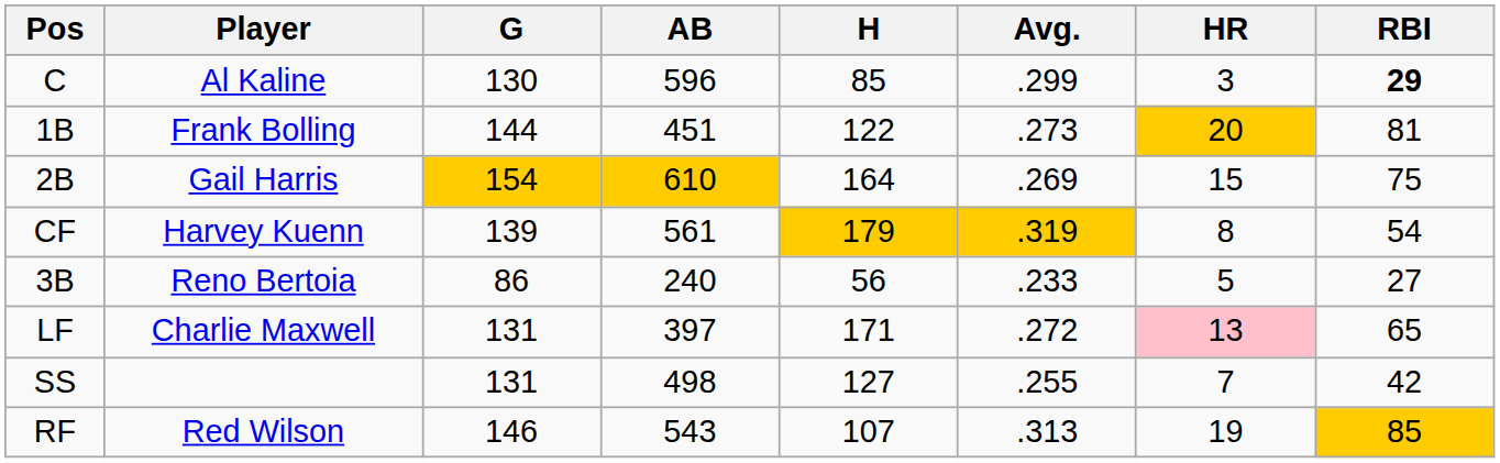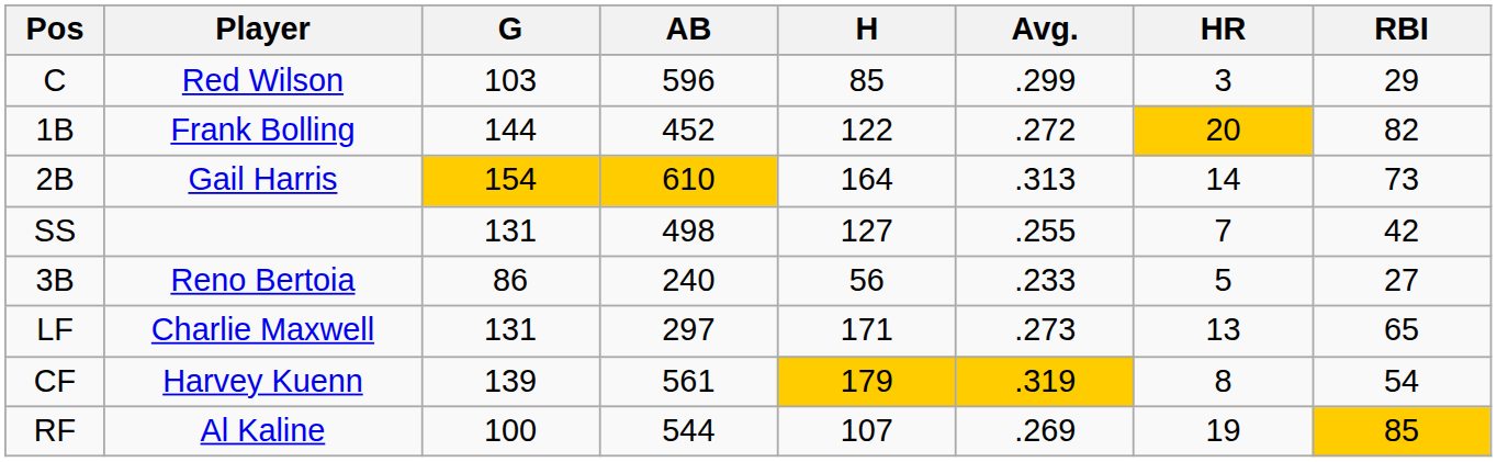 <table class="wikitable sortable">
 <tr>
 <th bgcolor="#DDDDFF" width="5%">Pos</th>
 <th bgcolor="#DDDDFF" width="16%">Player</th>
 <th bgcolor="#DDDDFF" width="9%">G</th>
 <th bgcolor="#DDDDFF" width="9%">AB</th>
 <th bgcolor="#DDDDFF" width="9%">H</th>
 <th bgcolor="#DDDDFF" width="9%">Avg.</th>
 <th bgcolor="#DDDDFF" width="9%">HR</th>
 <th bgcolor="#DDDDFF" width="9%">RBI</th>
 </tr>
 <tr align="center">
 <td>C</td>
-<td><a href='#'>Al Kaline</a></td>
-<td>130</td>
+<td><a href='#'>Red Wilson</a></td>
+<td>103</td>
 <td>596</td>
 <td>85</td>
 <td>.299</td>
 <td>3</td>
-<td><strong>29</strong></td>
+<td>29</td>
 </tr>
 <tr align=center>
 <td>1B</td>
 <td><a href='#'>Frank Bolling</a></td>
 <td>144</td>
-<td>451</td>
+<td>452</td>
 <td>122</td>
-<td>.273</td>
+<td>.272</td>
 <td style="background:#fc0;">20</td>
-<td>81</td>
+<td>82</td>
 </tr>
 <tr align=center>
 <td>2B</td>
 <td><a href='#'>Gail Harris</a></td>
 <td style="background:#fc0;">154</td>
 <td style="background:#fc0;">610</td>
 <td>164</td>
-<td>.269</td>
-<td>15</td>
-<td>75</td>
+<td>.313</td>
+<td>14</td>
+<td>73</td>
 </tr>
 <tr align=center>
-<td>CF</td>
-<td><a href='#'>Harvey Kuenn</a></td>
-<td>139</td>
-<td>561</td>
-<td style="background:#fc0;">179</td>
-<td style="background:#fc0;">.319</td>
-<td>8</td>
-<td>54</td>
+<td>SS</td>
+<td></td>
+<td>131</td>
+<td>498</td>
+<td>127</td>
+<td>.255</td>
+<td>7</td>
+<td>42</td>
 </tr>
 <tr align="center">
 <td>3B</td>
 <td><a href='#'>Reno Bertoia</a></td>
 <td>86</td>
 <td>240</td>
 <td>56</td>
 <td>.233</td>
 <td>5</td>
 <td>27</td>
 </tr>
 <tr align=center>
 <td>LF</td>
 <td><a href='#'>Charlie Maxwell</a></td>
 <td>131</td>
-<td>397</td>
+<td>297</td>
 <td>171</td>
-<td>.272</td>
-<td style="background: pink;">13</td>
+<td>.273</td>
+<td>13</td>
 <td>65</td>
 </tr>
 <tr align=center>
-<td>SS</td>
-<td></td>
-<td>131</td>
-<td>498</td>
-<td>127</td>
-<td>.255</td>
-<td>7</td>
-<td>42</td>
+<td>CF</td>
+<td><a href='#'>Harvey Kuenn</a></td>
+<td>139</td>
+<td>561</td>
+<td style="background:#fc0;">179</td>
+<td style="background:#fc0;">.319</td>
+<td>8</td>
+<td>54</td>
 </tr>
 <tr align=center>
 <td>RF</td>
-<td><a href='#'>Red Wilson</a></td>
-<td>146</td>
-<td>543</td>
+<td><a href='#'>Al Kaline</a></td>
+<td>100</td>
+<td>544</td>
 <td>107</td>
-<td>.313</td>
+<td>.269</td>
 <td>19</td>
 <td style="background:#fc0;">85</td>
 </tr>
 </table>
